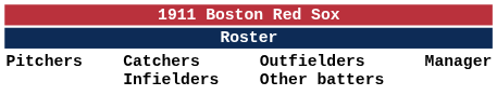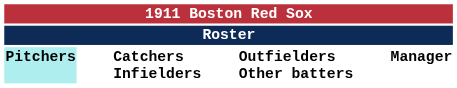 <table class="toccolours" style="text-align: left;">
 <tr>
 <th colspan="10" style="background-color: #ba313c; color: white; text-align: center;">1911 Boston Red Sox</th>
 </tr>
 <tr>
 <td colspan="10" style="background-color: #0d2b56; color: white; text-align: center;"><strong>Roster</strong></td>
 </tr>
 <tr>
-<td valign="top"><strong>Pitchers</strong><br>               </td>
+<td valign="top" style="background: paleturquoise;"><strong>Pitchers</strong><br>               </td>
 <td width="25px"></td>
 <td valign="top"><strong>Catchers</strong><br>     <strong>Infielders</strong>               </td>
 <td width="25px"></td>
 <td valign="top"><strong>Outfielders</strong><br>      <strong>Other batters</strong> </td>
 <td width="25px"></td>
 <td valign="top"><strong>Manager</strong><br></td>
 </tr>
 </table>
